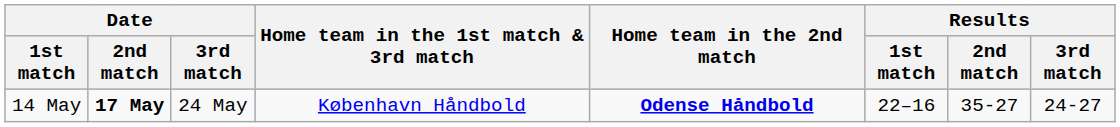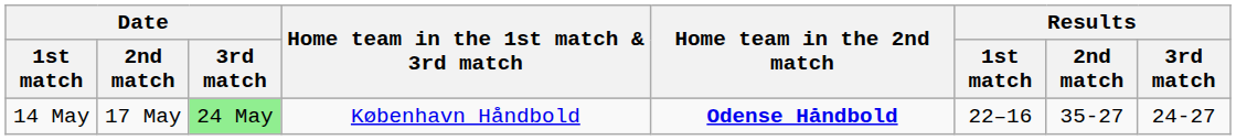 <table class="wikitable" style="text-align:center; margin-left:1em;">
 <tr>
 <th colspan="3">Date</th>
 <th rowspan="2" style="width:220px;">Home team in the 1st match & 3rd match</th>
 <th rowspan="2" style="width:180px;">Home team in the 2nd match</th>
 <th colspan="3">Results</th>
 </tr>
 <tr>
 <th style="width:50px;">1st match</th>
 <th style="width:50px;">2nd match</th>
 <th style="width:50px;">3rd match</th>
 <th style="width:50px;">1st match</th>
 <th style="width:50px;">2nd match</th>
 <th style="width:50px;">3rd match</th>
 </tr>
 <tr>
 <td>14 May</td>
-<td><strong>17 May</strong></td>
-<td>24 May</td>
+<td>17 May</td>
+<td style="background: lightgreen;">24 May</td>
 <td><a href='#'>København Håndbold</a></td>
 <td><strong><a href='#'>Odense Håndbold</a></strong></td>
 <td>22–16</td>
 <td>35-27</td>
 <td>24-27</td>
 </tr>
 </table>
